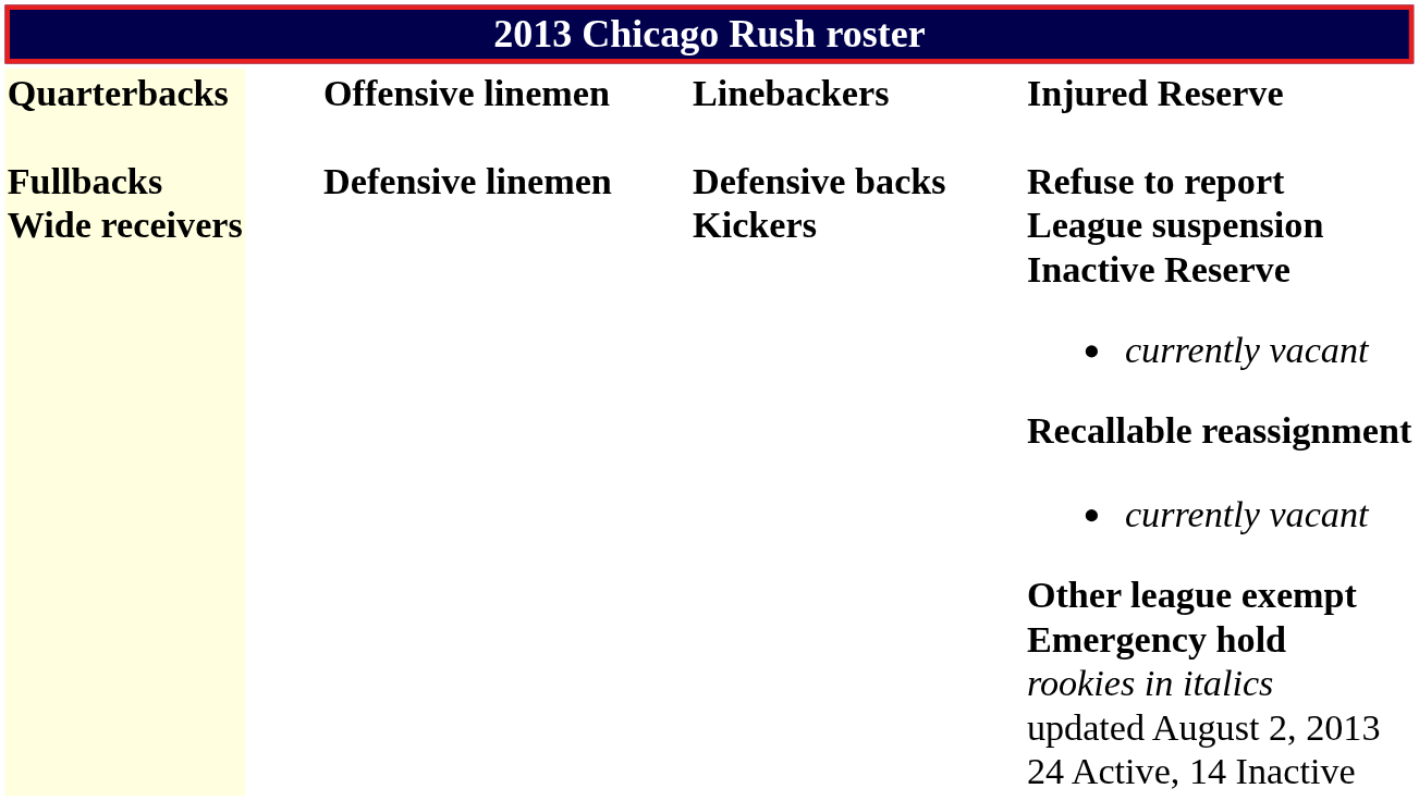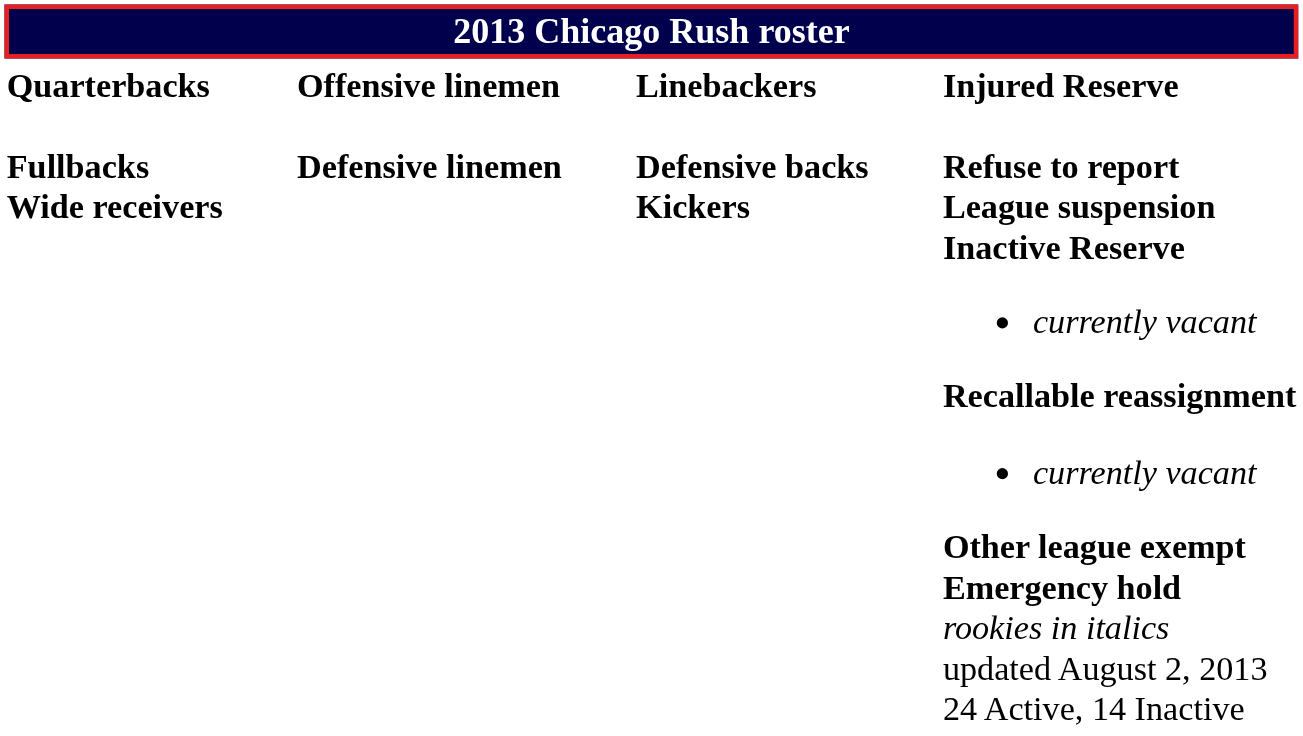 <table class="toccolours" style="text-align: left;">
 <tr>
 <th colspan=7 style="background:#00004d; border: 2px solid #E62020; color:white; text-align:center;"><strong>2013 Chicago Rush roster</strong></th>
 </tr>
 <tr>
-<td style="background: lightyellow; font-size: 95%;" valign="top"><strong>Quarterbacks</strong><br> <br><strong>Fullbacks</strong> <br><strong>Wide receivers</strong>    </td>
+<td style="font-size: 95%;" valign="top"><strong>Quarterbacks</strong><br> <br><strong>Fullbacks</strong> <br><strong>Wide receivers</strong>    </td>
 <td style="width: 25px;"></td>
 <td style="font-size: 95%;" valign="top"><strong>Offensive linemen</strong><br>   <br><strong>Defensive linemen</strong>    </td>
 <td style="width: 25px;"></td>
 <td style="font-size: 95%;" valign="top"><strong>Linebackers</strong><br> <br><strong>Defensive backs</strong>      <br><strong>Kickers</strong> </td>
 <td style="width: 25px;"></td>
 <td style="font-size: 95%;" valign="top"><strong>Injured Reserve</strong><br> <br><strong>Refuse to report</strong>   <br><strong>League suspension</strong>     <br><strong>Inactive Reserve</strong><ul><li><em>currently vacant</em></li></ul><strong>Recallable reassignment</strong><ul><li><em>currently vacant</em></li></ul><strong>Other league exempt</strong>  <br><strong>Emergency hold</strong> <br> <em>rookies in italics</em><br> <span></span> updated August 2, 2013<br> 24 Active, 14 Inactive </td>
 </tr>
 <tr>
 </tr>
 </table>
